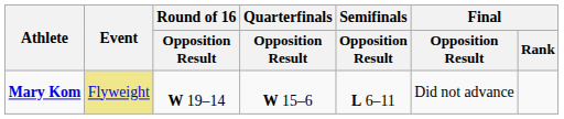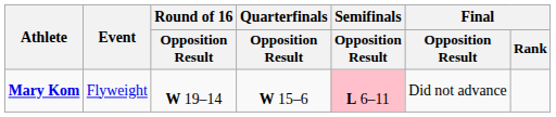 <table class="wikitable" style="font-size:90%;">
 <tr>
 <th rowspan=2>Athlete</th>
 <th rowspan=2>Event</th>
 <th>Round of 16</th>
 <th>Quarterfinals</th>
 <th>Semifinals</th>
 <th colspan=2>Final</th>
 </tr>
 <tr style="font-size:95%">
 <th>Opposition<br>Result</th>
 <th>Opposition<br>Result</th>
 <th>Opposition<br>Result</th>
 <th>Opposition<br>Result</th>
 <th>Rank</th>
 </tr>
 <tr align=center>
 <td align=left><strong><a href='#'>Mary Kom</a></strong></td>
-<td align=left style="background: khaki;"><a href='#'>Flyweight</a></td>
+<td align=left><a href='#'>Flyweight</a></td>
 <td><br><strong>W</strong> 19–14</td>
 <td><br><strong>W</strong> 15–6</td>
-<td><br><strong>L</strong> 6–11</td>
+<td style="background: pink;"><br><strong>L</strong> 6–11</td>
 <td>Did not advance</td>
 <td></td>
 </tr>
 </table>
